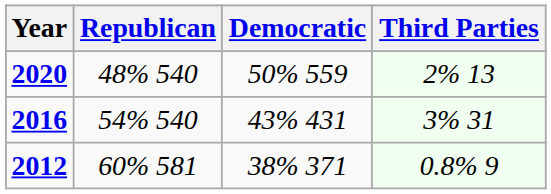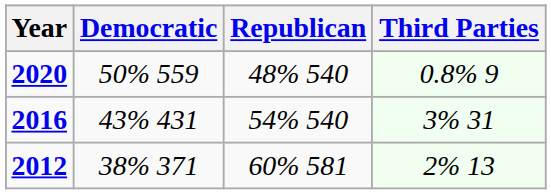 <table class="wikitable" style="float:right; font-size:95%;">
 <tr bgcolor=lightgrey>
 <th>Year</th>
+<th><a href='#'>Democratic</a></th>
 <th><a href='#'>Republican</a></th>
-<th><a href='#'>Democratic</a></th>
 <th><a href='#'>Third Parties</a></th>
 </tr>
 <tr>
 <td style="text-align:center; "><strong><a href='#'>2020</a></strong></td>
+<td style="text-align:center; "><em>50%</em> <em>559</em></td>
 <td style="text-align:center; "><em>48%</em> <em>540</em></td>
-<td style="text-align:center; "><em>50%</em> <em>559</em></td>
-<td style="text-align:center; background:honeyDew;"><em>2%</em> <em>13</em></td>
+<td style="text-align:center; background:honeyDew;"><em>0.8%</em> <em>9</em></td>
 </tr>
 <tr>
 <td style="text-align:center; "><strong><a href='#'>2016</a></strong></td>
+<td style="text-align:center; "><em>43%</em> <em>431</em></td>
 <td style="text-align:center; "><em>54%</em> <em>540</em></td>
-<td style="text-align:center; "><em>43%</em> <em>431</em></td>
 <td style="text-align:center; background:honeyDew;"><em>3%</em> <em>31</em></td>
 </tr>
 <tr>
 <td style="text-align:center; "><strong><a href='#'>2012</a></strong></td>
+<td style="text-align:center; "><em>38%</em> <em>371</em></td>
 <td style="text-align:center; "><em>60%</em> <em>581</em></td>
-<td style="text-align:center; "><em>38%</em> <em>371</em></td>
-<td style="text-align:center; background:honeyDew;"><em>0.8%</em> <em>9</em></td>
+<td style="text-align:center; background:honeyDew;"><em>2%</em> <em>13</em></td>
 </tr>
 </table>
